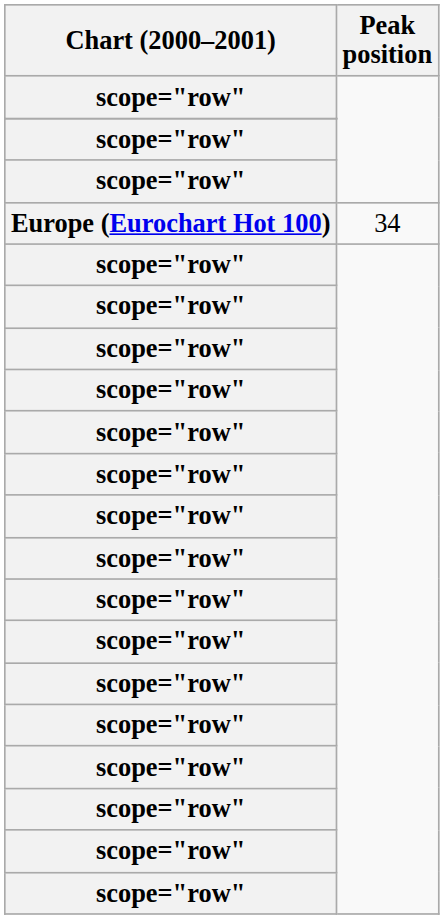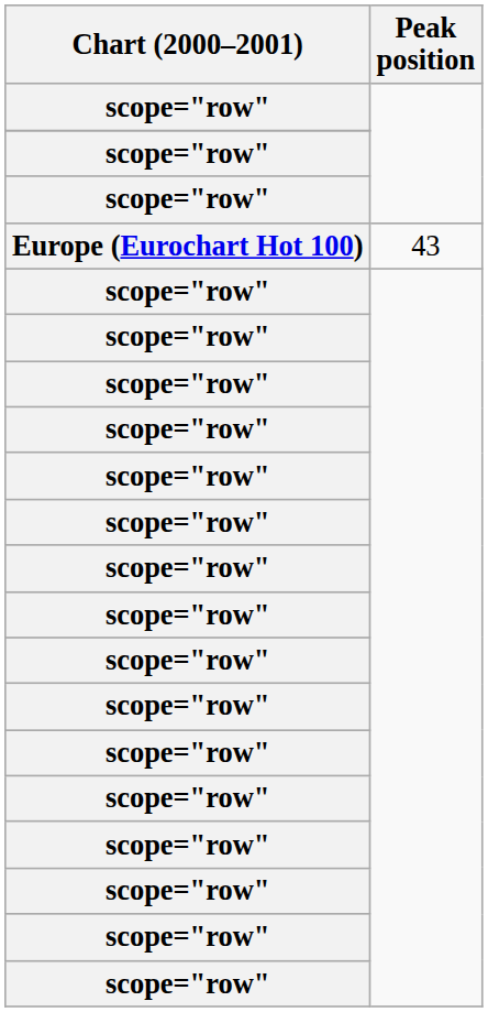 <table class="wikitable sortable plainrowheaders" style="text-align:center">
 <tr>
 <th scope="col">Chart (2000–2001)</th>
 <th scope="col">Peak<br>position</th>
 </tr>
 <tr>
 <th>scope="row"</th>
 </tr>
 <tr>
 </tr>
 <tr>
 <th>scope="row"</th>
 </tr>
 <tr>
 <th>scope="row"</th>
 </tr>
 <tr>
 <th scope="row">Europe (<a href='#'>Eurochart Hot 100</a>)</th>
-<td>34</td>
+<td>43</td>
 </tr>
 <tr>
 <th>scope="row"</th>
 </tr>
 <tr>
 <th>scope="row"</th>
 </tr>
 <tr>
 <th>scope="row"</th>
 </tr>
 <tr>
 <th>scope="row"</th>
 </tr>
 <tr>
 <th>scope="row"</th>
 </tr>
 <tr>
 <th>scope="row"</th>
 </tr>
 <tr>
 <th>scope="row"</th>
 </tr>
 <tr>
 <th>scope="row"</th>
 </tr>
 <tr>
 <th>scope="row"</th>
 </tr>
 <tr>
 <th>scope="row"</th>
 </tr>
 <tr>
 <th>scope="row"</th>
 </tr>
 <tr>
 <th>scope="row"</th>
 </tr>
 <tr>
 <th>scope="row"</th>
 </tr>
 <tr>
 <th>scope="row"</th>
 </tr>
 <tr>
 <th>scope="row"</th>
 </tr>
 <tr>
 <th>scope="row"</th>
 </tr>
 </table>
